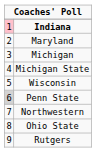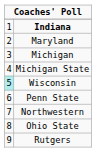 <table class="wikitable" style="display: inline-table;">
 <tr>
 <td align="center" Colspan="3"><strong>Coaches' Poll</strong></td>
 </tr>
 <tr align="center">
 </tr>
 <tr align="center">
-<td style="background: pink;">1</td>
+<td>1</td>
 <td><strong>Indiana</strong></td>
 </tr>
 <tr align="center">
 <td>2</td>
 <td>Maryland</td>
 </tr>
 <tr align="center">
 <td>3</td>
 <td>Michigan</td>
 </tr>
 <tr align="center">
 <td>4</td>
 <td>Michigan State</td>
 </tr>
 <tr align="center">
-<td>5</td>
+<td style="background: paleturquoise;">5</td>
 <td>Wisconsin</td>
 </tr>
 <tr align="center">
-<td style="background: lightgrey;">6</td>
+<td>6</td>
 <td>Penn State</td>
 </tr>
 <tr align="center">
 <td>7</td>
 <td>Northwestern</td>
 </tr>
 <tr align="center">
 <td>8</td>
 <td>Ohio State</td>
 </tr>
 <tr align="center">
 <td>9</td>
 <td>Rutgers</td>
 </tr>
 </table>
